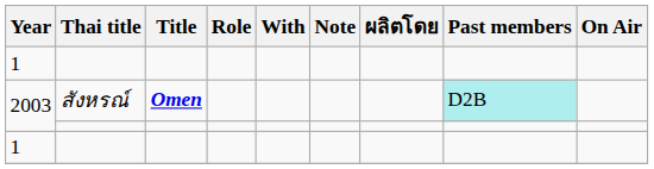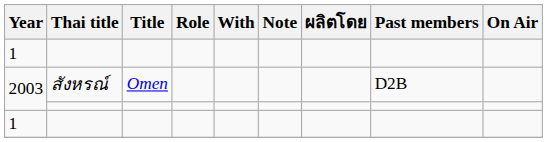 <table class="wikitable">
 <tr>
 <th>Year</th>
 <th>Thai title</th>
 <th>Title</th>
 <th>Role</th>
 <th><strong>With</strong></th>
 <th><strong>Note</strong></th>
 <th><strong>ผลิตโดย</strong></th>
 <th><strong>Past members</strong></th>
 <th><strong>On Air</strong></th>
 </tr>
 <tr>
 <td rowspan="1">1</td>
 <td><em> </em></td>
 <td><em> </em></td>
 <td></td>
 <td></td>
 <td></td>
 <td></td>
 <td></td>
 <td></td>
 </tr>
 <tr>
 <td rowspan="2">2003</td>
 <td><em>สังหรณ์</em></td>
-<td><strong><em><a href='#'>Omen</a></em></strong></td>
+<td><em><a href='#'>Omen</a></em></td>
 <td></td>
 <td></td>
 <td></td>
 <td></td>
-<td style="background: paleturquoise;">D2B</td>
+<td>D2B</td>
 <td></td>
 </tr>
 <tr>
 <td><em> </em></td>
 <td><em> </em></td>
 <td></td>
 <td></td>
 <td></td>
 <td></td>
 <td></td>
 <td></td>
 </tr>
 <tr>
 <td rowspan="1">1</td>
 <td><em> </em></td>
 <td><em> </em></td>
 <td></td>
 <td></td>
 <td></td>
 <td></td>
 <td></td>
 <td></td>
 </tr>
 <tr>
 </tr>
 </table>
